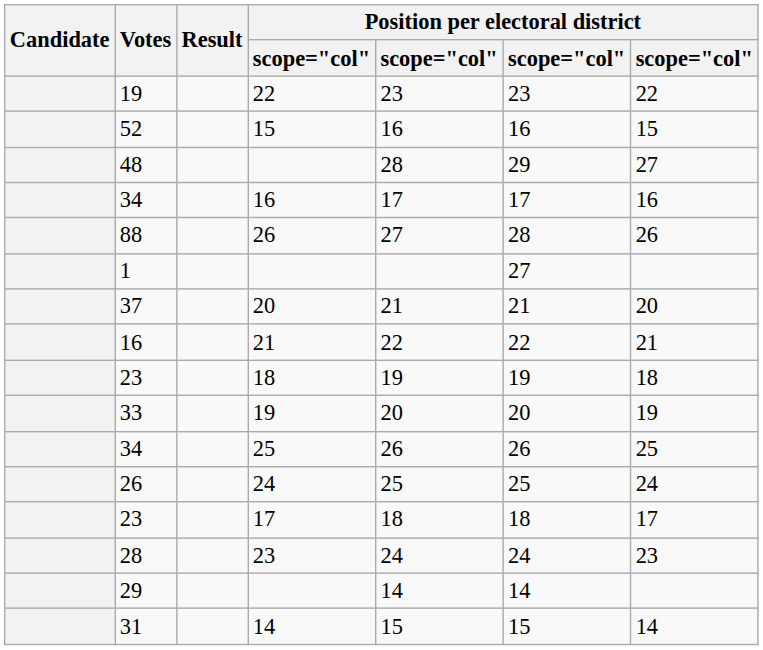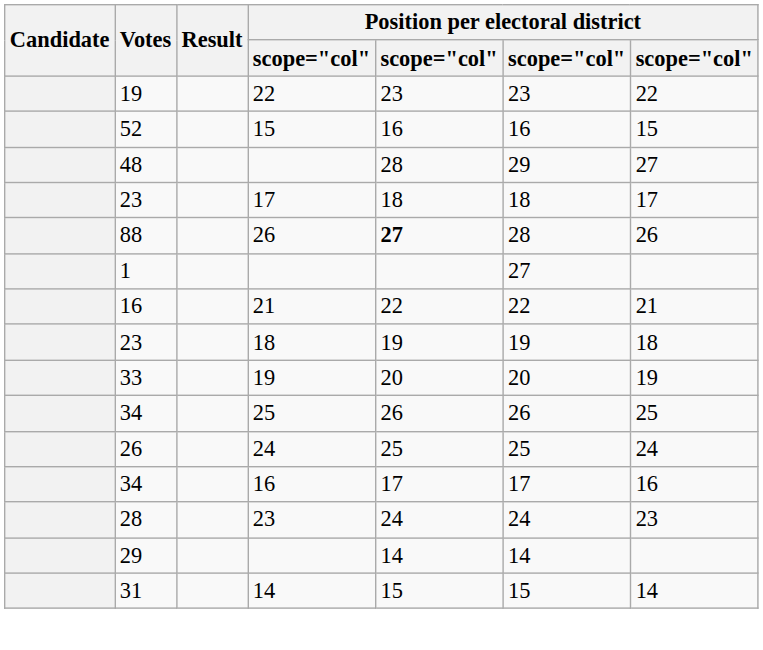 <table class="wikitable sortable defaultright col3left">
 <tr>
 <th scope="col" rowspan="2">Candidate</th>
 <th scope="col" rowspan="2">Votes</th>
 <th scope="col" rowspan="2">Result</th>
 <th scope="col" colspan="4">Position per electoral district</th>
 </tr>
 <tr>
 <th>scope="col" </th>
 <th>scope="col" </th>
 <th>scope="col" </th>
 <th>scope="col" </th>
 </tr>
 <tr>
 <th scope="row"></th>
 <td>19</td>
 <td></td>
 <td>22</td>
 <td>23</td>
 <td>23</td>
 <td>22</td>
 </tr>
 <tr>
 <th scope="row"></th>
 <td>52</td>
 <td></td>
 <td>15</td>
 <td>16</td>
 <td>16</td>
 <td>15</td>
 </tr>
 <tr>
 <th scope="row"></th>
 <td>48</td>
 <td></td>
 <td></td>
 <td>28</td>
 <td>29</td>
 <td>27</td>
 </tr>
 <tr>
 <th scope="row"></th>
-<td>34</td>
+<td>23</td>
 <td></td>
-<td>16</td>
 <td>17</td>
+<td>18</td>
+<td>18</td>
 <td>17</td>
-<td>16</td>
 </tr>
 <tr>
 <th scope="row"></th>
 <td>88</td>
 <td></td>
 <td>26</td>
-<td>27</td>
+<td><strong>27</strong></td>
 <td>28</td>
 <td>26</td>
 </tr>
 <tr>
 <th scope="row"></th>
 <td>1</td>
 <td></td>
 <td></td>
 <td></td>
 <td>27</td>
 <td></td>
-</tr>
-<tr>
-<th scope="row"></th>
-<td>37</td>
-<td></td>
-<td>20</td>
-<td>21</td>
-<td>21</td>
-<td>20</td>
 </tr>
 <tr>
 <th scope="row"></th>
 <td>16</td>
 <td></td>
 <td>21</td>
 <td>22</td>
 <td>22</td>
 <td>21</td>
 </tr>
 <tr>
 <th scope="row"></th>
 <td>23</td>
 <td></td>
 <td>18</td>
 <td>19</td>
 <td>19</td>
 <td>18</td>
 </tr>
 <tr>
 <th scope="row"></th>
 <td>33</td>
 <td></td>
 <td>19</td>
 <td>20</td>
 <td>20</td>
 <td>19</td>
 </tr>
 <tr>
 <th scope="row"></th>
 <td>34</td>
 <td></td>
 <td>25</td>
 <td>26</td>
 <td>26</td>
 <td>25</td>
 </tr>
 <tr>
 <th scope="row"></th>
 <td>26</td>
 <td></td>
 <td>24</td>
 <td>25</td>
 <td>25</td>
 <td>24</td>
 </tr>
 <tr>
 <th scope="row"></th>
-<td>23</td>
+<td>34</td>
 <td></td>
+<td>16</td>
 <td>17</td>
-<td>18</td>
-<td>18</td>
 <td>17</td>
+<td>16</td>
 </tr>
 <tr>
 <th scope="row"></th>
 <td>28</td>
 <td></td>
 <td>23</td>
 <td>24</td>
 <td>24</td>
 <td>23</td>
 </tr>
 <tr>
 <th scope="row"></th>
 <td>29</td>
 <td></td>
 <td></td>
 <td>14</td>
 <td>14</td>
 <td></td>
 </tr>
 <tr>
 <th scope="row"></th>
 <td>31</td>
 <td></td>
 <td>14</td>
 <td>15</td>
 <td>15</td>
 <td>14</td>
 </tr>
 </table>
